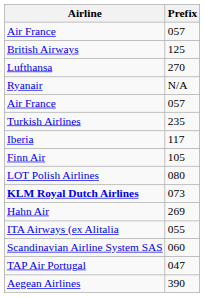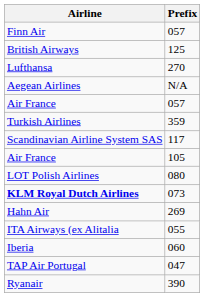 <table class="wikitable">
 <tr>
 <th>Airline</th>
 <th>Prefix</th>
 </tr>
 <tr>
-<td><a href='#'>Air France</a></td>
+<td><a href='#'>Finn Air</a></td>
 <td>057</td>
 </tr>
 <tr>
 <td><a href='#'>British Airways</a></td>
 <td>125</td>
 </tr>
 <tr>
 <td><a href='#'>Lufthansa</a></td>
 <td>270</td>
 </tr>
 <tr>
-<td><a href='#'>Ryanair</a></td>
+<td><a href='#'>Aegean Airlines</a></td>
 <td>N/A</td>
 </tr>
 <tr>
 <td><a href='#'>Air France</a></td>
 <td>057</td>
 </tr>
 <tr>
 <td><a href='#'>Turkish Airlines</a></td>
-<td>235</td>
+<td>359</td>
 </tr>
 <tr>
-<td><a href='#'>Iberia</a></td>
+<td><a href='#'>Scandinavian Airline System SAS</a></td>
 <td>117</td>
 </tr>
 <tr>
-<td><a href='#'>Finn Air</a></td>
+<td><a href='#'>Air France</a></td>
 <td>105</td>
 </tr>
 <tr>
 <td><a href='#'>LOT Polish Airlines</a></td>
 <td>080</td>
 </tr>
 <tr>
 <td><strong><a href='#'>KLM Royal Dutch Airlines</a></strong></td>
 <td>073</td>
 </tr>
 <tr>
 <td><a href='#'>Hahn Air</a></td>
 <td>269</td>
 </tr>
 <tr>
 <td><a href='#'>ITA Airways (ex Alitalia</a></td>
 <td>055</td>
 </tr>
 <tr>
-<td><a href='#'>Scandinavian Airline System SAS</a></td>
+<td><a href='#'>Iberia</a></td>
 <td>060</td>
 </tr>
 <tr>
 <td><a href='#'>TAP Air Portugal</a></td>
 <td>047</td>
 </tr>
 <tr>
-<td><a href='#'>Aegean Airlines</a></td>
+<td><a href='#'>Ryanair</a></td>
 <td>390</td>
 </tr>
 </table>
